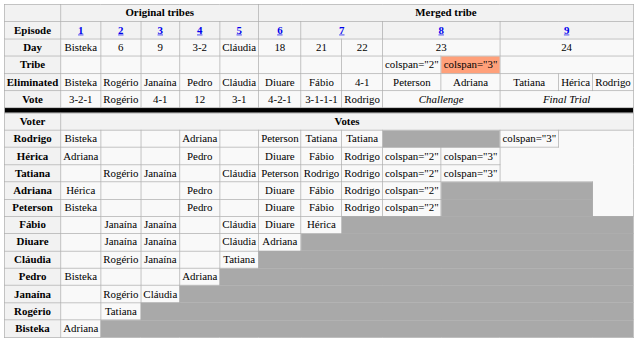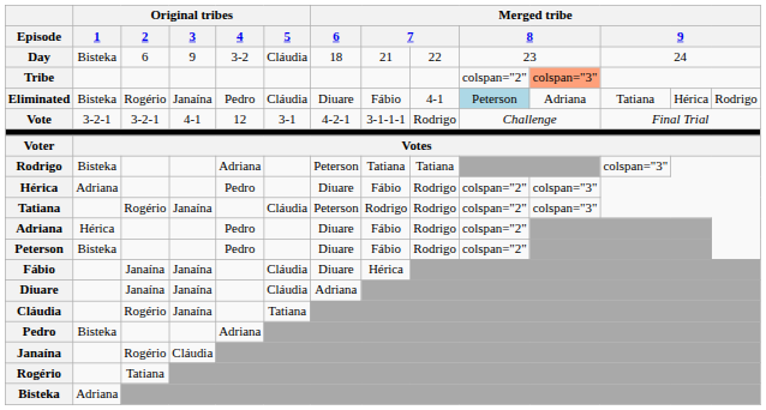 <table class="wikitable" style="text-align:center">
 <tr>
 <th></th>
 <th colspan="5">Original tribes</th>
 <th colspan="8">Merged tribe</th>
 </tr>
 <tr>
 <th>Episode</th>
 <th><a href='#'>1</a></th>
 <th><a href='#'>2</a></th>
 <th><a href='#'>3</a></th>
 <th><a href='#'>4</a></th>
 <th><a href='#'>5</a></th>
 <th><a href='#'>6</a></th>
 <th colspan="2"><a href='#'>7</a></th>
 <th colspan="2"><a href='#'>8</a></th>
 <th colspan="3"><a href='#'>9</a></th>
 </tr>
 <tr>
 <th>Day</th>
 <td>Bisteka</td>
 <td>6</td>
 <td>9</td>
 <td>3-2</td>
 <td>Cláudia</td>
 <td>18</td>
 <td>21</td>
 <td>22</td>
 <td colspan="2">23</td>
 <td colspan="3">24</td>
 </tr>
 <tr>
 <th>Tribe</th>
 <td></td>
 <td></td>
 <td></td>
 <td></td>
 <td></td>
 <td></td>
 <td></td>
 <td></td>
 <td>colspan="2" </td>
 <td style="background: lightsalmon;">colspan="3" </td>
 </tr>
 <tr>
 <th>Eliminated</th>
 <td>Bisteka</td>
 <td>Rogério</td>
 <td>Janaína</td>
 <td>Pedro</td>
 <td>Cláudia</td>
 <td>Diuare</td>
 <td>Fábio</td>
 <td>4-1</td>
-<td>Peterson</td>
+<td style="background: lightblue;">Peterson</td>
 <td>Adriana</td>
 <td>Tatiana</td>
 <td>Hérica</td>
 <td>Rodrigo</td>
 </tr>
 <tr>
 <th>Vote</th>
 <td>3-2-1</td>
-<td>Rogério</td>
+<td>3-2-1</td>
 <td>4-1</td>
 <td>12</td>
 <td>3-1</td>
 <td>4-2-1</td>
 <td>3-1-1-1</td>
 <td>Rodrigo</td>
 <td colspan="2"><em>Challenge</em></td>
 <td colspan="3"><em>Final Trial</em></td>
 </tr>
 <tr>
 <td bgcolor="black" colspan="14"></td>
 </tr>
 <tr>
 <th>Voter</th>
 <th colspan="13">Votes</th>
 </tr>
 <tr>
 <th>Rodrigo</th>
 <td>Bisteka</td>
 <td></td>
 <td></td>
 <td>Adriana</td>
 <td></td>
 <td>Peterson</td>
 <td>Tatiana</td>
 <td>Tatiana</td>
 <td colspan="2" bgcolor="darkgrey"></td>
 <td>colspan="3" </td>
 </tr>
 <tr>
 <th>Hérica</th>
 <td>Adriana</td>
 <td></td>
 <td></td>
 <td>Pedro</td>
 <td></td>
 <td>Diuare</td>
 <td>Fábio</td>
 <td>Rodrigo</td>
 <td>colspan="2" </td>
 <td>colspan="3" </td>
 </tr>
 <tr>
 <th>Tatiana</th>
 <td></td>
 <td>Rogério</td>
 <td>Janaína</td>
 <td></td>
 <td>Cláudia</td>
 <td>Peterson</td>
 <td>Rodrigo</td>
 <td>Rodrigo</td>
 <td>colspan="2" </td>
 <td>colspan="3" </td>
 </tr>
 <tr>
 <th>Adriana</th>
 <td>Hérica</td>
 <td></td>
 <td></td>
 <td>Pedro</td>
 <td></td>
 <td>Diuare</td>
 <td>Fábio</td>
 <td>Rodrigo</td>
 <td>colspan="2" </td>
 <td colspan="3" bgcolor="darkgrey"></td>
 </tr>
 <tr>
 <th>Peterson</th>
 <td>Bisteka</td>
 <td></td>
 <td></td>
 <td>Pedro</td>
 <td></td>
 <td>Diuare</td>
 <td>Fábio</td>
 <td>Rodrigo</td>
 <td>colspan="2" </td>
 <td colspan="3" bgcolor="darkgrey"></td>
 </tr>
 <tr>
 <th>Fábio</th>
 <td></td>
 <td>Janaína</td>
 <td>Janaína</td>
 <td></td>
 <td>Cláudia</td>
 <td>Diuare</td>
 <td>Hérica</td>
 <td bgcolor="darkgrey" colspan="6"></td>
 </tr>
 <tr>
 <th>Diuare</th>
 <td></td>
 <td>Janaína</td>
 <td>Janaína</td>
 <td></td>
 <td>Cláudia</td>
 <td>Adriana</td>
 <td bgcolor="darkgrey" colspan="7"></td>
 </tr>
 <tr>
 <th>Cláudia</th>
 <td></td>
 <td>Rogério</td>
 <td>Janaína</td>
 <td></td>
 <td>Tatiana</td>
 <td bgcolor="darkgrey" colspan="8"></td>
 </tr>
 <tr>
 <th>Pedro</th>
 <td>Bisteka</td>
 <td></td>
 <td></td>
 <td>Adriana</td>
 <td bgcolor="darkgrey" colspan="9"></td>
 </tr>
 <tr>
 <th>Janaína</th>
 <td></td>
 <td>Rogério</td>
 <td>Cláudia</td>
 <td bgcolor="darkgrey" colspan="10"></td>
 </tr>
 <tr>
 <th>Rogério</th>
 <td></td>
 <td>Tatiana</td>
 <td bgcolor="darkgrey" colspan="11"></td>
 </tr>
 <tr>
 <th>Bisteka</th>
 <td>Adriana</td>
 <td bgcolor="darkgrey" colspan="12"></td>
 </tr>
 </table>
